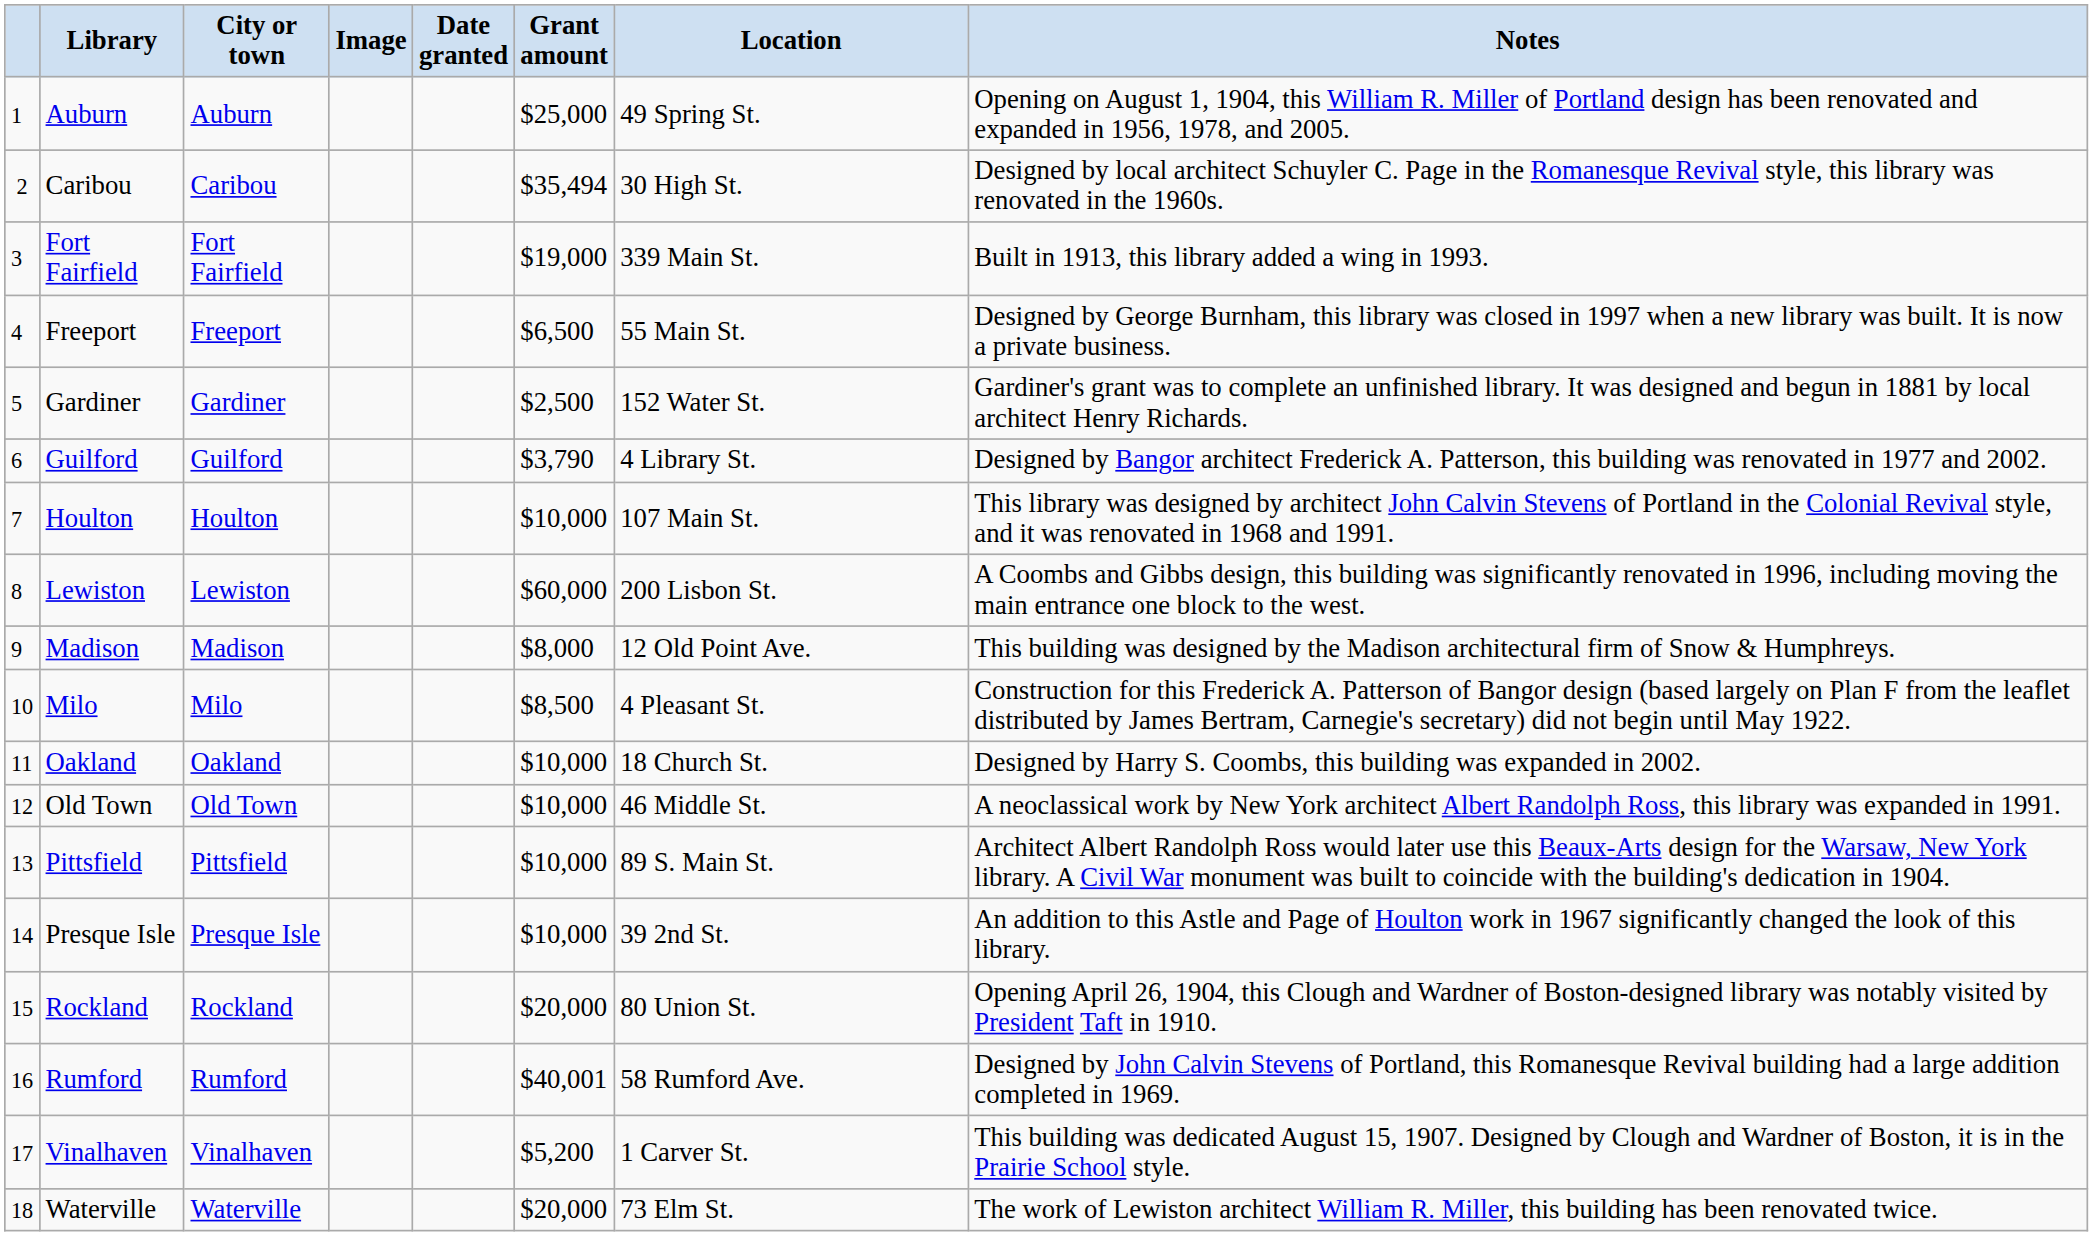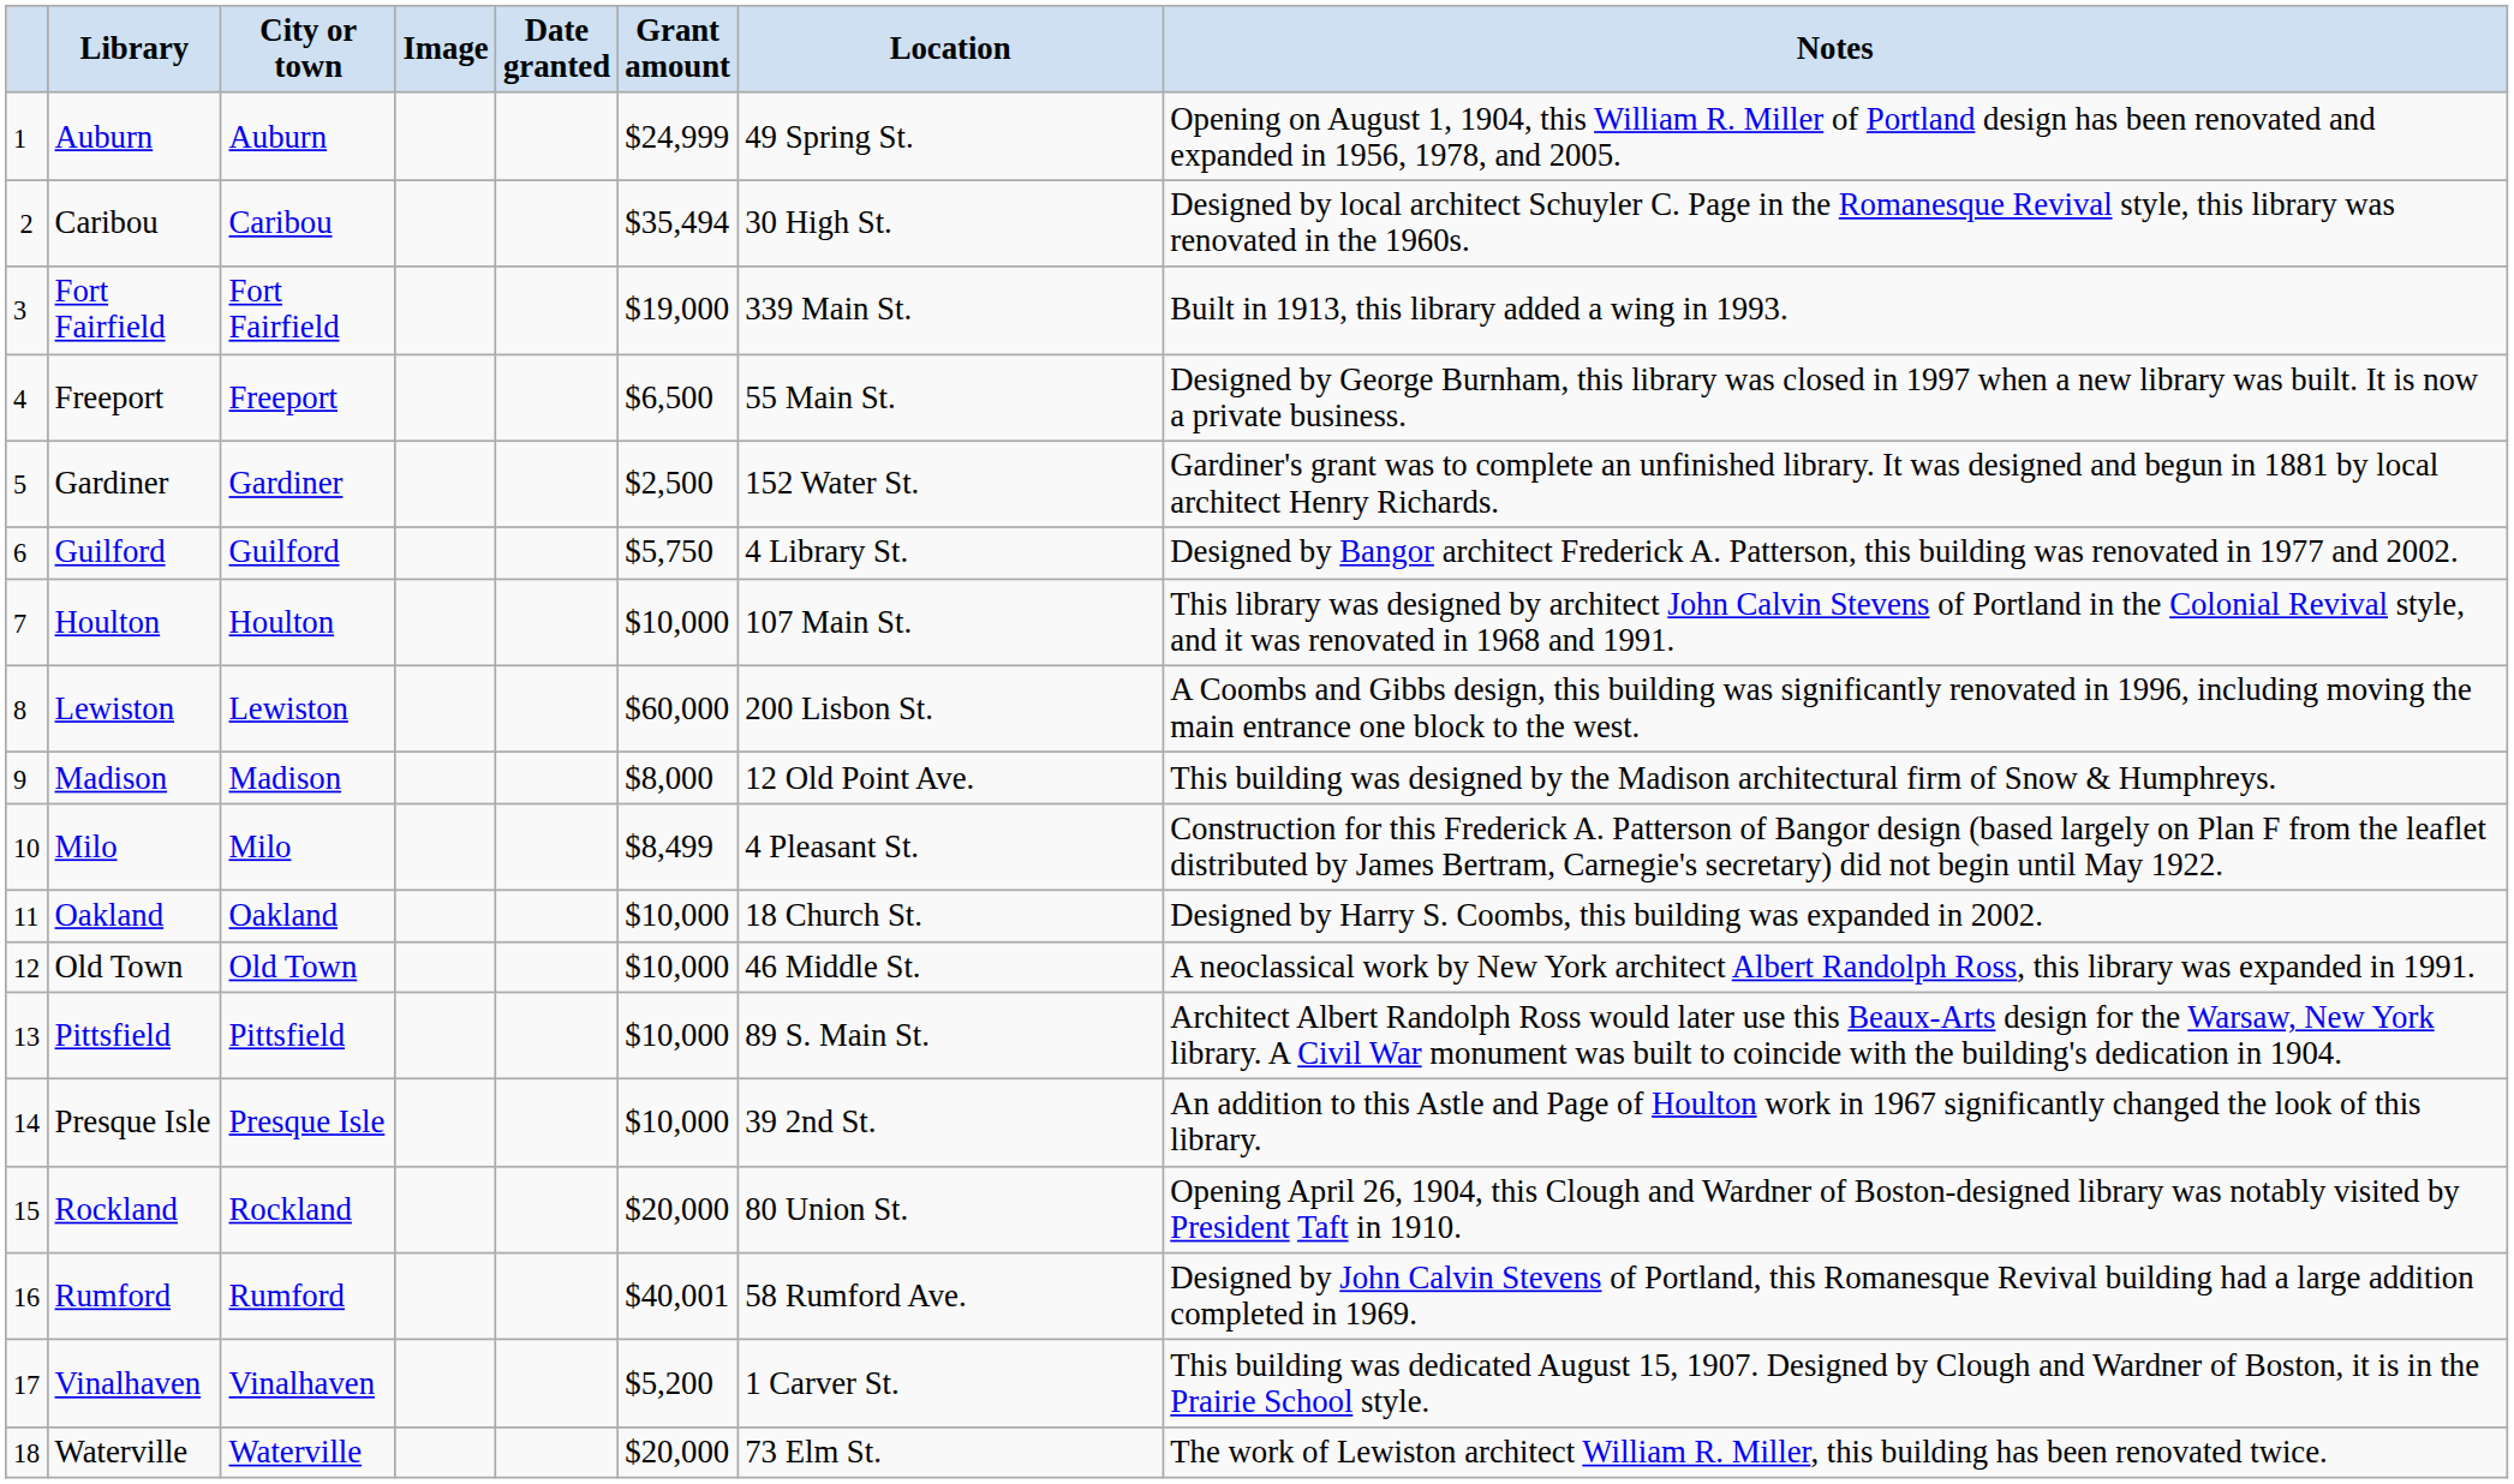 <table class="wikitable sortable" align="center">
 <tr>
 <th style="background-color:#CEE0F2;"></th>
 <th style="background-color:#CEE0F2;">Library</th>
 <th style="background-color:#CEE0F2;">City or<br>town</th>
 <th style="background-color:#CEE0F2;" class="unsortable">Image</th>
 <th style="background-color:#CEE0F2;">Date<br>granted</th>
 <th style="background-color:#CEE0F2;">Grant<br>amount</th>
 <th style="background-color:#CEE0F2;" width=17%>Location</th>
 <th style="background-color:#CEE0F2;" class="unsortable">Notes</th>
 </tr>
 <tr ->
 <td><small>1</small></td>
 <td><a href='#'>Auburn</a></td>
 <td><a href='#'>Auburn</a></td>
 <td></td>
 <td></td>
-<td>$25,000</td>
+<td>$24,999</td>
 <td>49 Spring St.<br><small></small></td>
 <td>Opening on August 1, 1904, this <a href='#'>William R. Miller</a> of <a href='#'>Portland</a> design has been renovated and expanded in 1956, 1978, and 2005.</td>
 </tr>
 <tr ->
 <td align=center><small>2</small></td>
 <td>Caribou</td>
 <td><a href='#'>Caribou</a></td>
 <td></td>
 <td></td>
 <td>$35,494</td>
 <td>30 High St.<br><small></small></td>
 <td>Designed by local architect Schuyler C. Page in the <a href='#'>Romanesque Revival</a> style, this library was renovated in the 1960s.</td>
 </tr>
 <tr ->
 <td><small>3</small></td>
 <td><a href='#'>Fort Fairfield</a></td>
 <td><a href='#'>Fort Fairfield</a></td>
 <td></td>
 <td></td>
 <td>$19,000</td>
 <td>339 Main St.<br><small></small></td>
 <td>Built in 1913, this library added a wing in 1993.</td>
 </tr>
 <tr ->
 <td><small>4</small></td>
 <td>Freeport</td>
 <td><a href='#'>Freeport</a></td>
 <td></td>
 <td></td>
 <td>$6,500</td>
 <td>55 Main St.<br><small></small></td>
 <td>Designed by George Burnham, this library was closed in 1997 when a new library was built. It is now a private business.</td>
 </tr>
 <tr ->
 <td><small>5</small></td>
 <td>Gardiner</td>
 <td><a href='#'>Gardiner</a></td>
 <td></td>
 <td></td>
 <td>$2,500</td>
 <td>152 Water St.<br><small></small></td>
 <td>Gardiner's grant was to complete an unfinished library. It was designed and begun in 1881 by local architect Henry Richards.</td>
 </tr>
 <tr ->
 <td><small>6</small></td>
 <td><a href='#'>Guilford</a></td>
 <td><a href='#'>Guilford</a></td>
 <td></td>
 <td></td>
-<td>$3,790</td>
+<td>$5,750</td>
 <td>4 Library St.<br><small></small></td>
 <td>Designed by <a href='#'>Bangor</a> architect Frederick A. Patterson, this building was renovated in 1977 and 2002.</td>
 </tr>
 <tr ->
 <td><small>7</small></td>
 <td><a href='#'>Houlton</a></td>
 <td><a href='#'>Houlton</a></td>
 <td></td>
 <td></td>
 <td>$10,000</td>
 <td>107 Main St.<br><small></small></td>
 <td>This library was designed by architect <a href='#'>John Calvin Stevens</a> of Portland in the <a href='#'>Colonial Revival</a> style, and it was renovated in 1968 and 1991.</td>
 </tr>
 <tr ->
 <td><small>8</small></td>
 <td><a href='#'>Lewiston</a></td>
 <td><a href='#'>Lewiston</a></td>
 <td></td>
 <td></td>
 <td>$60,000</td>
 <td>200 Lisbon St.<br><small></small></td>
 <td>A Coombs and Gibbs design, this building was significantly renovated in 1996, including moving the main entrance one block to the west.</td>
 </tr>
 <tr ->
 <td><small>9</small></td>
 <td><a href='#'>Madison</a></td>
 <td><a href='#'>Madison</a></td>
 <td></td>
 <td></td>
 <td>$8,000</td>
 <td>12 Old Point Ave.<br><small></small></td>
 <td>This building was designed by the Madison architectural firm of Snow & Humphreys.</td>
 </tr>
 <tr ->
 <td><small>10</small></td>
 <td><a href='#'>Milo</a></td>
 <td><a href='#'>Milo</a></td>
 <td></td>
 <td></td>
-<td>$8,500</td>
+<td>$8,499</td>
 <td>4 Pleasant St.<br><small></small></td>
 <td>Construction for this Frederick A. Patterson of Bangor design (based largely on Plan F from the leaflet distributed by James Bertram, Carnegie's secretary) did not begin until May 1922.</td>
 </tr>
 <tr ->
 <td><small>11</small></td>
 <td><a href='#'>Oakland</a></td>
 <td><a href='#'>Oakland</a></td>
 <td></td>
 <td></td>
 <td>$10,000</td>
 <td>18 Church St.<br><small></small></td>
 <td>Designed by Harry S. Coombs, this building was expanded in 2002.</td>
 </tr>
 <tr ->
 <td align=center><small>12</small></td>
 <td>Old Town</td>
 <td><a href='#'>Old Town</a></td>
 <td></td>
 <td></td>
 <td>$10,000</td>
 <td>46 Middle St.<br><small></small></td>
 <td>A neoclassical work by New York architect <a href='#'>Albert Randolph Ross</a>, this library was expanded in 1991.</td>
 </tr>
 <tr ->
 <td><small>13</small></td>
 <td><a href='#'>Pittsfield</a></td>
 <td><a href='#'>Pittsfield</a></td>
 <td></td>
 <td></td>
 <td>$10,000</td>
 <td>89 S. Main St.<br><small></small></td>
 <td>Architect Albert Randolph Ross would later use this <a href='#'>Beaux-Arts</a> design for the <a href='#'>Warsaw, New York</a> library. A <a href='#'>Civil War</a> monument was built to coincide with the building's dedication in 1904.</td>
 </tr>
 <tr ->
 <td align=center><small>14</small></td>
 <td>Presque Isle</td>
 <td><a href='#'>Presque Isle</a></td>
 <td></td>
 <td></td>
 <td>$10,000</td>
 <td>39 2nd St.<br><small></small></td>
 <td>An addition to this Astle and Page of <a href='#'>Houlton</a> work in 1967 significantly changed the look of this library.</td>
 </tr>
 <tr ->
 <td><small>15</small></td>
 <td><a href='#'>Rockland</a></td>
 <td><a href='#'>Rockland</a></td>
 <td></td>
 <td></td>
 <td>$20,000</td>
 <td>80 Union St.<br><small></small></td>
 <td>Opening April 26, 1904, this Clough and Wardner of Boston-designed library was notably visited by <a href='#'>President</a> <a href='#'>Taft</a> in 1910.</td>
 </tr>
 <tr ->
 <td><small>16</small></td>
 <td><a href='#'>Rumford</a></td>
 <td><a href='#'>Rumford</a></td>
 <td></td>
 <td></td>
 <td>$40,001</td>
 <td>58 Rumford Ave.<br><small></small></td>
 <td>Designed by <a href='#'>John Calvin Stevens</a> of Portland, this Romanesque Revival building had a large addition completed in 1969.</td>
 </tr>
 <tr ->
 <td><small>17</small></td>
 <td><a href='#'>Vinalhaven</a></td>
 <td><a href='#'>Vinalhaven</a></td>
 <td></td>
 <td></td>
 <td>$5,200</td>
 <td>1 Carver St.<br><small></small></td>
 <td>This building was dedicated August 15, 1907. Designed by Clough and Wardner of Boston, it is in the <a href='#'>Prairie School</a> style.</td>
 </tr>
 <tr ->
 <td align=center><small>18</small></td>
 <td>Waterville</td>
 <td><a href='#'>Waterville</a></td>
 <td></td>
 <td></td>
 <td>$20,000</td>
 <td>73 Elm St.<br><small></small></td>
 <td>The work of Lewiston architect <a href='#'>William R. Miller</a>, this building has been renovated twice.</td>
 </tr>
 </table>
